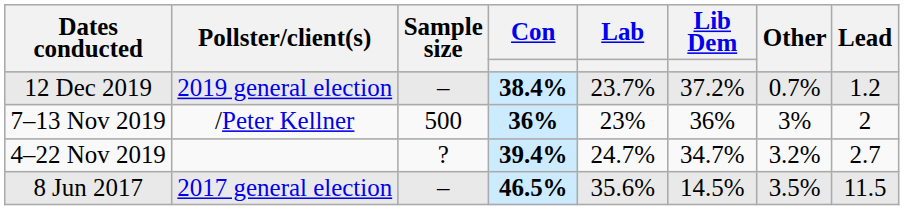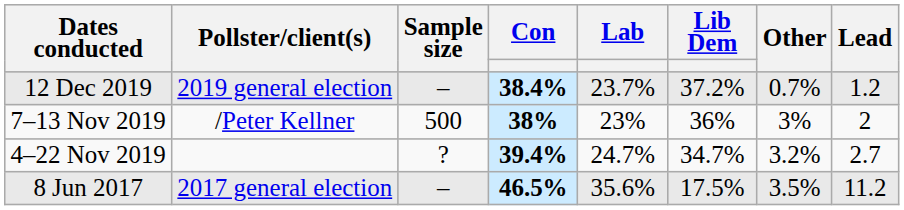 <table class="wikitable sortable mw-datatable" style="text-align:center;line-height:14px;">
 <tr>
 <th rowspan="2">Dates<br>conducted</th>
 <th rowspan="2">Pollster/client(s)</th>
 <th rowspan="2" data-sort-type="number">Sample<br>size</th>
 <th class="unsortable" style="width:50px;"><a href='#'>Con</a></th>
 <th class="unsortable" style="width:50px;"><a href='#'>Lab</a></th>
 <th class="unsortable" style="width:50px;"><a href='#'>Lib Dem</a></th>
 <th rowspan="2" class="unsortable">Other</th>
 <th rowspan="2" data-sort-type="number">Lead</th>
 </tr>
 <tr>
 <th data-sort-type="number" style="background:"></th>
 <th data-sort-type="number" style="background:"></th>
 <th data-sort-type="number" style="background:"></th>
 </tr>
 <tr style="background:#E9E9E9;">
 <td data-sort-value="2017-06-08">12 Dec 2019</td>
 <td><a href='#'>2019 general election</a></td>
 <td>–</td>
 <td style="background:#CCEBFF;"><strong>38.4%</strong></td>
 <td>23.7%</td>
 <td>37.2%</td>
 <td>0.7%</td>
 <td style="background:">1.2</td>
 </tr>
 <tr>
 <td data-sort-value="2019-11-13">7–13 Nov 2019</td>
 <td>/<a href='#'>Peter Kellner</a></td>
 <td>500</td>
-<td style="background:#CCEBFF;"><strong>36%</strong></td>
+<td style="background:#CCEBFF;"><strong>38%</strong></td>
 <td>23%</td>
 <td>36%</td>
 <td>3%</td>
 <td style="background:">2</td>
 </tr>
 <tr>
 <td data-sort-value="2019-10-21">4–22 Nov 2019</td>
 <td></td>
 <td>?</td>
 <td style="background:#CCEBFF;"><strong>39.4%</strong></td>
 <td>24.7%</td>
 <td>34.7%</td>
 <td>3.2%</td>
 <td style="background:">2.7</td>
 </tr>
 <tr style="background:#E9E9E9;">
 <td data-sort-value="2017-06-08">8 Jun 2017</td>
 <td><a href='#'>2017 general election</a></td>
 <td>–</td>
 <td style="background:#CCEBFF;"><strong>46.5%</strong></td>
 <td>35.6%</td>
-<td>14.5%</td>
+<td>17.5%</td>
 <td>3.5%</td>
-<td style="background:">11.5</td>
+<td style="background:">11.2</td>
 </tr>
 </table>
